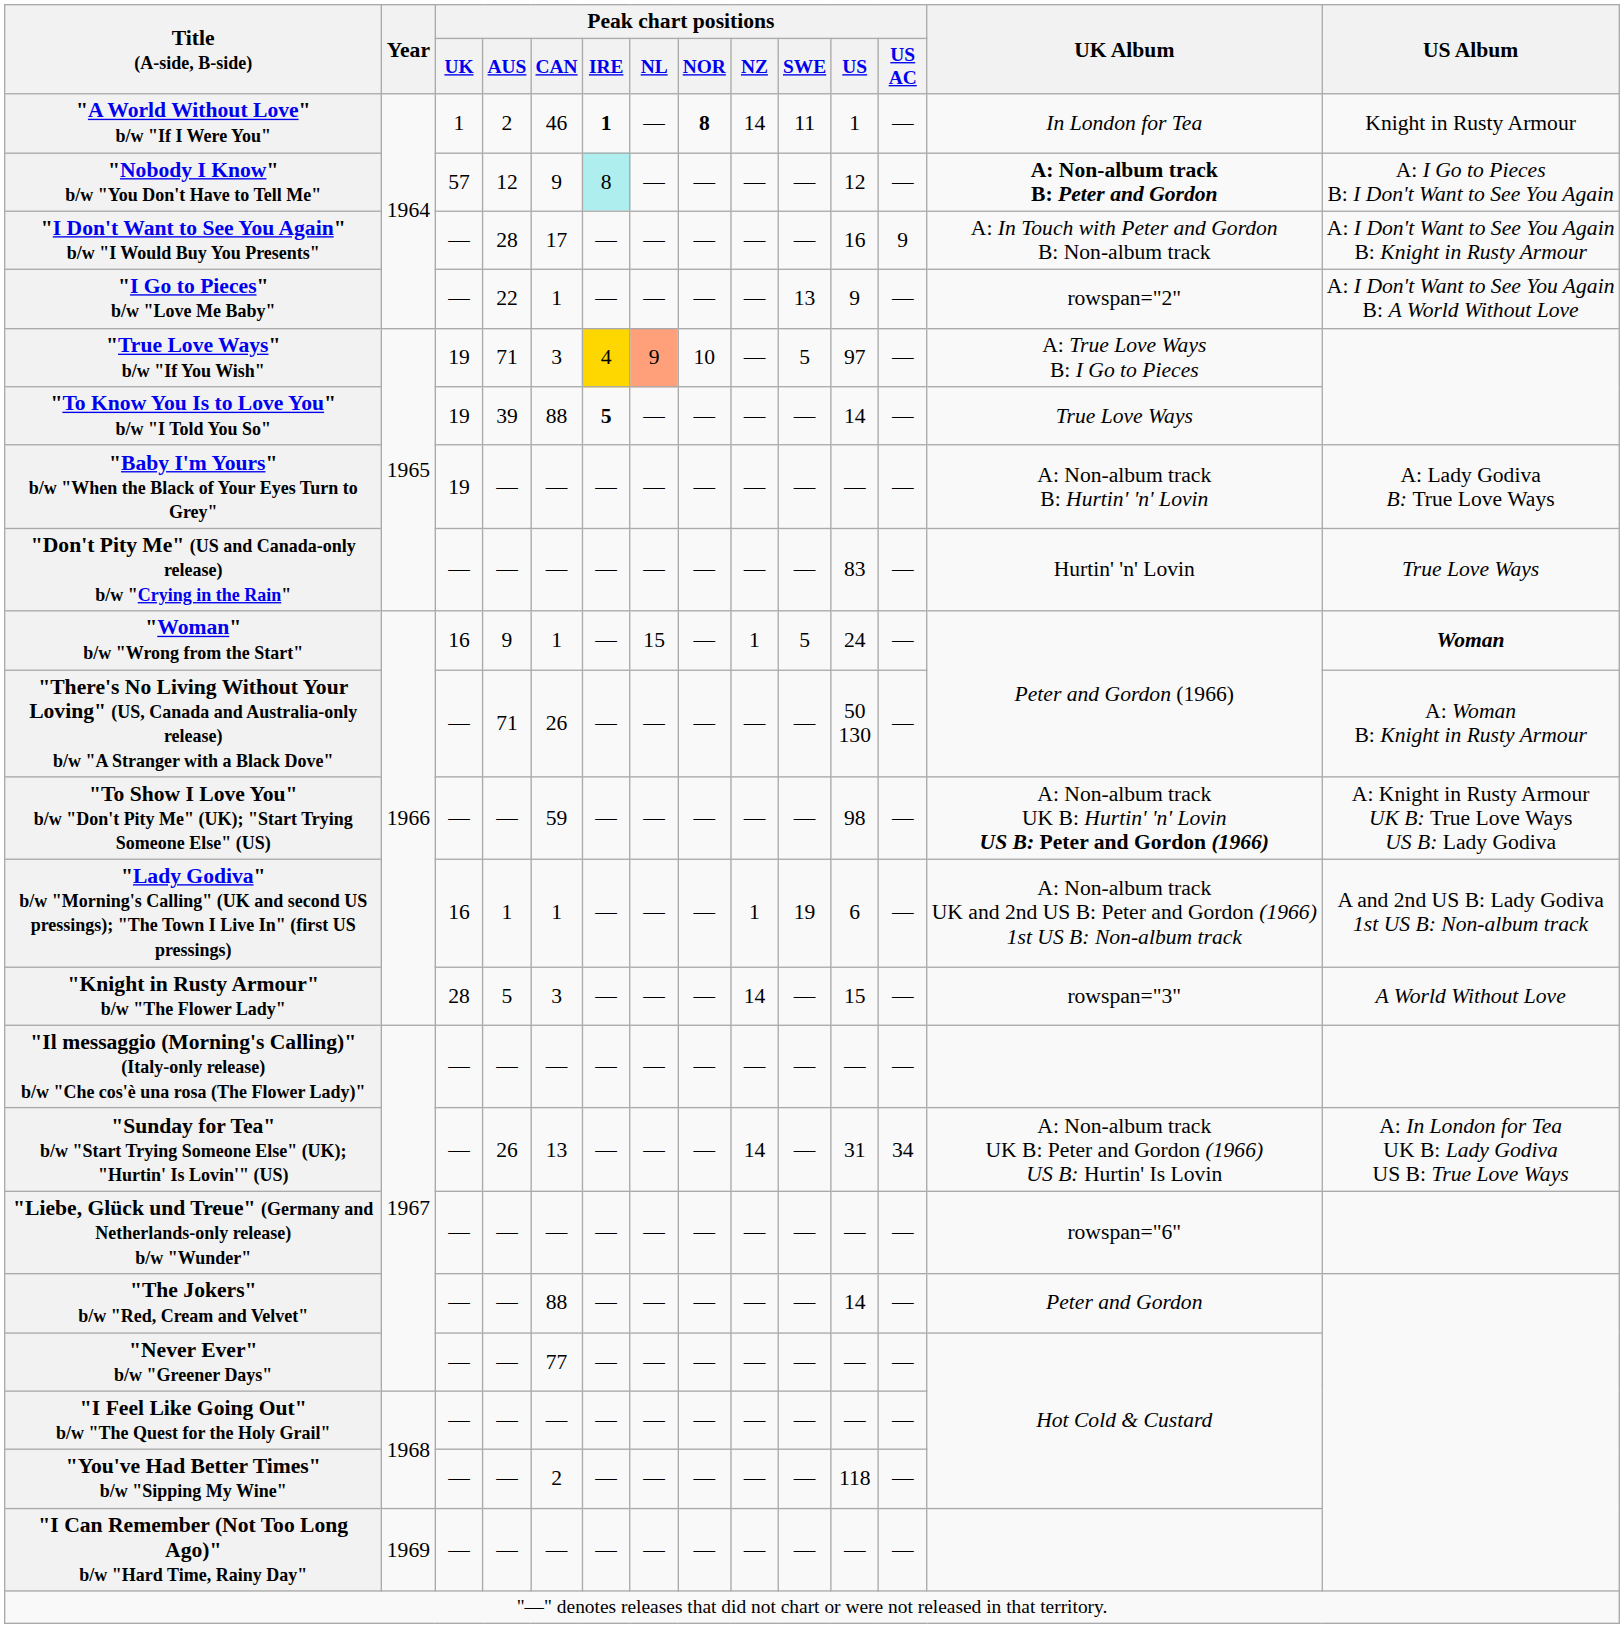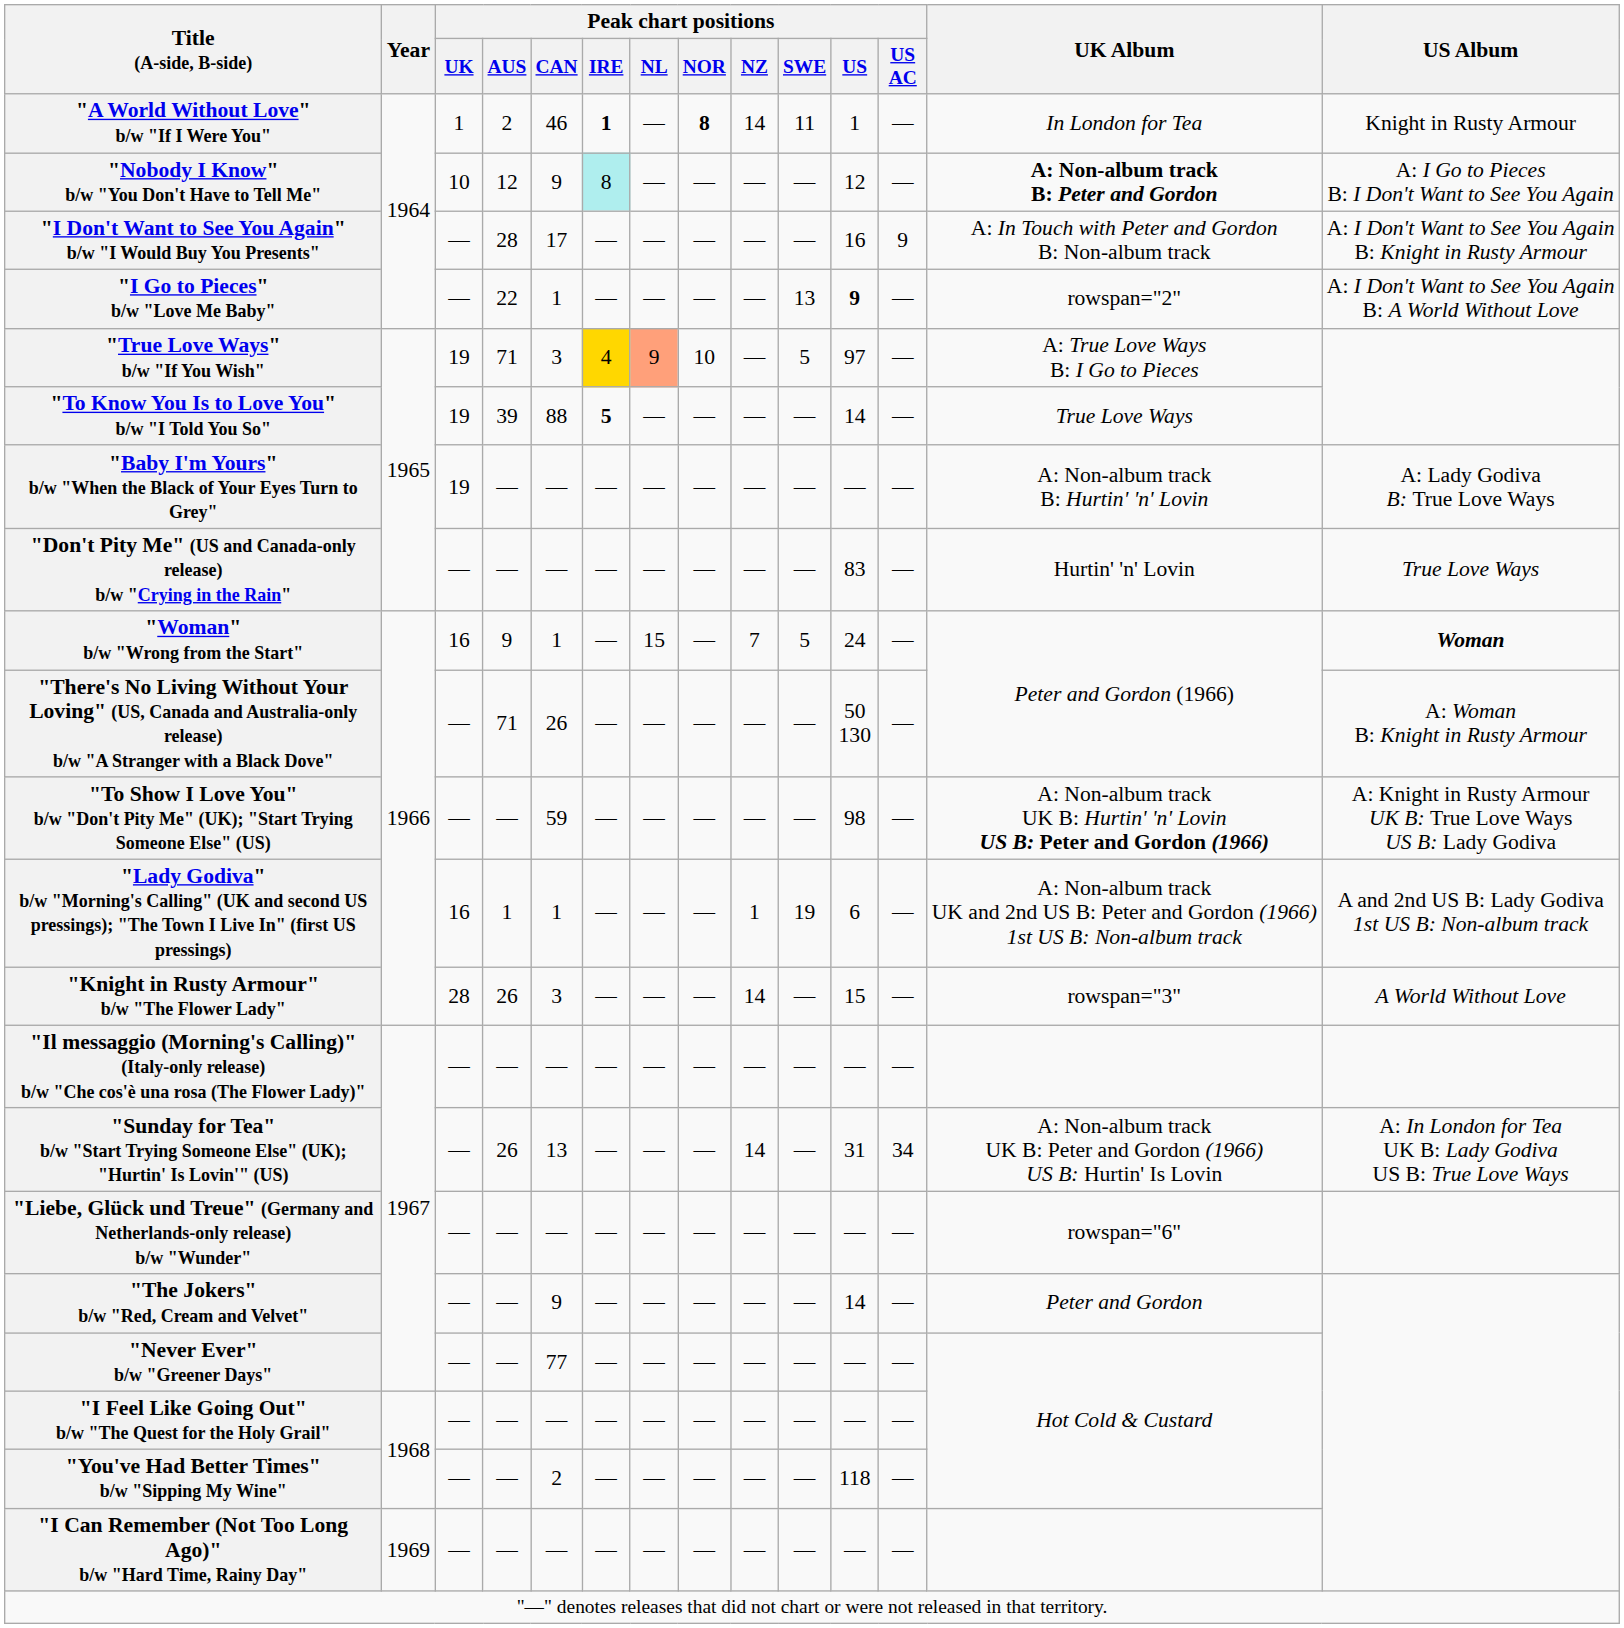 <table class="wikitable plainrowheaders" style="text-align:center;">
 <tr>
 <th rowspan="2" scope="col" style="width:17em;">Title<br><small>(A-side, B-side)</small></th>
 <th rowspan="2" scope="col" style="width:2em;">Year</th>
 <th colspan="10">Peak chart positions</th>
 <th rowspan="2">UK Album</th>
 <th rowspan="2">US Album</th>
 </tr>
 <tr>
 <th scope="col" style="width:2em;font-size:90%;"><a href='#'>UK</a><br></th>
 <th scope="col" style="width:2em;font-size:90%;"><a href='#'>AUS</a><br></th>
 <th scope="col" style="width:2em;font-size:90%;"><a href='#'>CAN</a><br></th>
 <th scope="col" style="width:2em;font-size:90%;"><a href='#'>IRE</a><br></th>
 <th scope="col" style="width:2em;font-size:90%;"><a href='#'>NL</a><br></th>
 <th scope="col" style="width:2em;font-size:90%;"><a href='#'>NOR</a><br></th>
 <th scope="col" style="width:2em;font-size:90%;"><a href='#'>NZ</a><br></th>
 <th scope="col" style="width:2em;font-size:90%;"><a href='#'>SWE</a><br></th>
 <th scope="col" style="width:2em;font-size:90%;"><a href='#'>US</a><br></th>
 <th scope="col" style="width:2em;font-size:90%;"><a href='#'>US AC</a><br></th>
 </tr>
 <tr>
 <th scope="row">"<a href='#'>A World Without Love</a>"<br><small>b/w "If I Were You"</small></th>
 <td rowspan="4">1964</td>
 <td>1</td>
 <td>2</td>
 <td>46</td>
 <td><strong>1</strong></td>
 <td>—</td>
 <td><strong>8</strong></td>
 <td>14</td>
 <td>11</td>
 <td>1</td>
 <td>—</td>
 <td><em>In London for Tea</em></td>
 <td></em>Knight in Rusty Armour<em></td>
 </tr>
 <tr>
 <th scope="row">"<a href='#'>Nobody I Know</a>"<br><small>b/w "You Don't Have to Tell Me"</small></th>
-<td>57</td>
+<td>10</td>
 <td>12</td>
 <td>9</td>
 <td style="background: paleturquoise;">8</td>
 <td>—</td>
 <td>—</td>
 <td>—</td>
 <td>—</td>
 <td>12</td>
 <td>—</td>
 <td><strong>A: Non-album track<br>B: <em>Peter and Gordon</em></strong></td>
 <td>A: <em>I Go to Pieces</em><br>B: <em>I Don't Want to See You Again</em></td>
 </tr>
 <tr>
 <th scope="row">"<a href='#'>I Don't Want to See You Again</a>"<br><small>b/w "I Would Buy You Presents"</small></th>
 <td>—</td>
 <td>28</td>
 <td>17</td>
 <td>—</td>
 <td>—</td>
 <td>—</td>
 <td>—</td>
 <td>—</td>
 <td>16</td>
 <td>9</td>
 <td>A: <em>In Touch with Peter and Gordon</em><br>B: Non-album track</td>
 <td>A: <em>I Don't Want to See You Again</em><br>B: <em>Knight in Rusty Armour</em></td>
 </tr>
 <tr>
 <th scope="row">"<a href='#'>I Go to Pieces</a>"<br><small>b/w "Love Me Baby"</small></th>
 <td>—</td>
 <td>22</td>
 <td>1</td>
 <td>—</td>
 <td>—</td>
 <td>—</td>
 <td>—</td>
 <td>13</td>
-<td>9</td>
+<td><strong>9</strong></td>
 <td>—</td>
 <td>rowspan="2" </td>
 <td>A: <em>I Don't Want to See You Again</em><br>B: <em>A World Without Love</em></td>
 </tr>
 <tr>
 <th scope="row">"<a href='#'>True Love Ways</a>"<br><small>b/w "If You Wish"</small></th>
 <td rowspan="4">1965</td>
 <td>19</td>
 <td>71</td>
 <td>3</td>
 <td style="background: gold;">4</td>
 <td style="background: lightsalmon;">9</td>
 <td>10</td>
 <td>—</td>
 <td>5</td>
 <td>97</td>
 <td>—</td>
 <td>A: <em>True Love Ways</em><br>B: <em>I Go to Pieces</em></td>
 </tr>
 <tr>
 <th scope="row">"<a href='#'>To Know You Is to Love You</a>"<br><small>b/w "I Told You So"</small></th>
 <td>19</td>
 <td>39</td>
 <td>88</td>
 <td><strong>5</strong></td>
 <td>—</td>
 <td>—</td>
 <td>—</td>
 <td>—</td>
 <td>14</td>
 <td>—</td>
 <td><em>True Love Ways</em></td>
 </tr>
 <tr>
 <th scope="row">"<a href='#'>Baby I'm Yours</a>"<br><small>b/w "When the Black of Your Eyes Turn to Grey"</small></th>
 <td>19</td>
 <td>—</td>
 <td>—</td>
 <td>—</td>
 <td>—</td>
 <td>—</td>
 <td>—</td>
 <td>—</td>
 <td>—</td>
 <td>—</td>
 <td>A: Non-album track<br>B: <em>Hurtin' 'n' Lovin<strong></td>
 <td>A: </em>Lady Godiva<em><br>B: </em>True Love Ways<em></td>
 </tr>
 <tr>
 <th scope="row">"Don't Pity Me" <small>(US and Canada-only release)</small><br><small>b/w "<a href='#'>Crying in the Rain</a>"</small></th>
 <td>—</td>
 <td>—</td>
 <td>—</td>
 <td>—</td>
 <td>—</td>
 <td>—</td>
 <td>—</td>
 <td>—</td>
 <td>83</td>
 <td>—</td>
 <td></em>Hurtin' 'n' Lovin</strong></td>
 <td><em>True Love Ways</em></td>
 </tr>
 <tr>
 <th scope="row">"<a href='#'>Woman</a>"<br><small>b/w "Wrong from the Start"</small></th>
 <td rowspan="5">1966</td>
 <td>16</td>
 <td>9</td>
 <td>1</td>
 <td>—</td>
 <td>15</td>
 <td>—</td>
-<td>1</td>
+<td>7</td>
 <td>5</td>
 <td>24</td>
 <td>—</td>
 <td rowspan="2"><em>Peter and Gordon</em> (1966)</td>
 <td><strong><em>Woman</em></strong></td>
 </tr>
 <tr>
 <th scope="row">"There's No Living Without Your Loving" <small>(US, Canada and Australia-only release)</small><br><small>b/w "A Stranger with a Black Dove"</small></th>
 <td>—</td>
 <td>71</td>
 <td>26</td>
 <td>—</td>
 <td>—</td>
 <td>—</td>
 <td>—</td>
 <td>—</td>
 <td>50<br>130</td>
 <td>—</td>
 <td>A: <em>Woman</em><br>B: <em>Knight in Rusty Armour</em></td>
 </tr>
 <tr>
 <th scope="row">"To Show I Love You"<br><small>b/w "Don't Pity Me" (UK); "Start Trying Someone Else" (US)</small></th>
 <td>—</td>
 <td>—</td>
 <td>59</td>
 <td>—</td>
 <td>—</td>
 <td>—</td>
 <td>—</td>
 <td>—</td>
 <td>98</td>
 <td>—</td>
 <td>A: Non-album track<br>UK B: <em>Hurtin' 'n' Lovin<strong><br>US B: </em>Peter and Gordon<em> (1966)</td>
 <td>A: </em>Knight in Rusty Armour<em><br>UK B: </em>True Love Ways<em><br>US B: </em>Lady Godiva<em></td>
 </tr>
 <tr>
 <th scope="row">"<a href='#'>Lady Godiva</a>"<br><small>b/w "Morning's Calling" (UK and second US pressings); "The Town I Live In" (first US pressings)</small></th>
 <td>16</td>
 <td>1</td>
 <td>1</td>
 <td>—</td>
 <td>—</td>
 <td>—</td>
 <td>1</td>
 <td>19</td>
 <td>6</td>
 <td>—</td>
 <td>A: Non-album track<br>UK and 2nd US B: </em>Peter and Gordon<em> (1966)<br>1st US B: Non-album track</td>
 <td>A and 2nd US B: </em>Lady Godiva<em><br>1st US B: Non-album track</td>
 </tr>
 <tr>
 <th scope="row">"Knight in Rusty Armour"<br><small>b/w "The Flower Lady"</small></th>
 <td>28</td>
-<td>5</td>
+<td>26</td>
 <td>3</td>
 <td>—</td>
 <td>—</td>
 <td>—</td>
 <td>14</td>
 <td>—</td>
 <td>15</td>
 <td>—</td>
 <td>rowspan="3" </td>
 <td><em>A World Without Love</em></td>
 </tr>
 <tr>
 <th scope="row">"Il messaggio (Morning's Calling)" <small>(Italy-only release)</small><br><small>b/w "Che cos'è una rosa (The Flower Lady)"</small></th>
 <td rowspan="5">1967</td>
 <td>—</td>
 <td>—</td>
 <td>—</td>
 <td>—</td>
 <td>—</td>
 <td>—</td>
 <td>—</td>
 <td>—</td>
 <td>—</td>
 <td>—</td>
 <td></td>
 </tr>
 <tr>
 <th scope="row">"Sunday for Tea"<br><small>b/w "Start Trying Someone Else" (UK); "Hurtin' Is Lovin'" (US)</small></th>
 <td>—</td>
 <td>26</td>
 <td>13</td>
 <td>—</td>
 <td>—</td>
 <td>—</td>
 <td>14</td>
 <td>—</td>
 <td>31</td>
 <td>34</td>
 <td>A: Non-album track<br>UK B: </em>Peter and Gordon<em> (1966)<br>US B: </em>Hurtin' Is Lovin</strong></td>
 <td>A: <em>In London for Tea</em><br>UK B: <em>Lady Godiva</em><br>US B: <em>True Love Ways</em></td>
 </tr>
 <tr>
 <th scope="row">"Liebe, Glück und Treue" <small>(Germany and Netherlands-only release)</small><br><small>b/w "Wunder"</small></th>
 <td>—</td>
 <td>—</td>
 <td>—</td>
 <td>—</td>
 <td>—</td>
 <td>—</td>
 <td>—</td>
 <td>—</td>
 <td>—</td>
 <td>—</td>
 <td>rowspan="6" </td>
 <td></td>
 </tr>
 <tr>
 <th scope="row">"The Jokers"<br><small>b/w "Red, Cream and Velvet"</small></th>
 <td>—</td>
 <td>—</td>
-<td>88</td>
+<td>9</td>
 <td>—</td>
 <td>—</td>
 <td>—</td>
 <td>—</td>
 <td>—</td>
 <td>14</td>
 <td>—</td>
 <td><em>Peter and Gordon</em></td>
 </tr>
 <tr>
 <th scope="row">"Never Ever"<br><small>b/w "Greener Days"</small></th>
 <td>—</td>
 <td>—</td>
 <td>77</td>
 <td>—</td>
 <td>—</td>
 <td>—</td>
 <td>—</td>
 <td>—</td>
 <td>—</td>
 <td>—</td>
 <td rowspan="3"><em>Hot Cold & Custard</em></td>
 </tr>
 <tr>
 <th scope="row">"I Feel Like Going Out"<br><small>b/w "The Quest for the Holy Grail"</small></th>
 <td rowspan="2">1968</td>
 <td>—</td>
 <td>—</td>
 <td>—</td>
 <td>—</td>
 <td>—</td>
 <td>—</td>
 <td>—</td>
 <td>—</td>
 <td>—</td>
 <td>—</td>
 </tr>
 <tr>
 <th scope="row">"You've Had Better Times"<br><small>b/w "Sipping My Wine"</small></th>
 <td>—</td>
 <td>—</td>
 <td>2</td>
 <td>—</td>
 <td>—</td>
 <td>—</td>
 <td>—</td>
 <td>—</td>
 <td>118</td>
 <td>—</td>
 </tr>
 <tr>
 <th scope="row">"I Can Remember (Not Too Long Ago)"<br><small>b/w "Hard Time, Rainy Day"</small></th>
 <td>1969</td>
 <td>—</td>
 <td>—</td>
 <td>—</td>
 <td>—</td>
 <td>—</td>
 <td>—</td>
 <td>—</td>
 <td>—</td>
 <td>—</td>
 <td>—</td>
 <td></td>
 </tr>
 <tr>
 <td colspan="14" style="font-size:90%">"—" denotes releases that did not chart or were not released in that territory.</td>
 </tr>
 </table>
